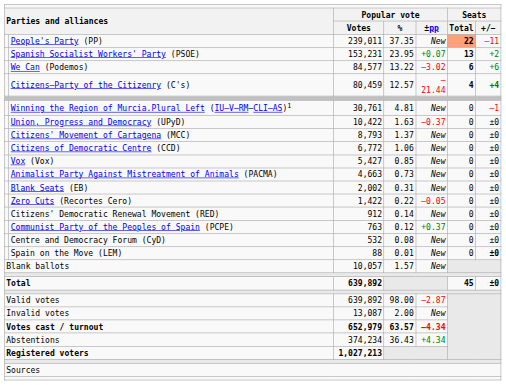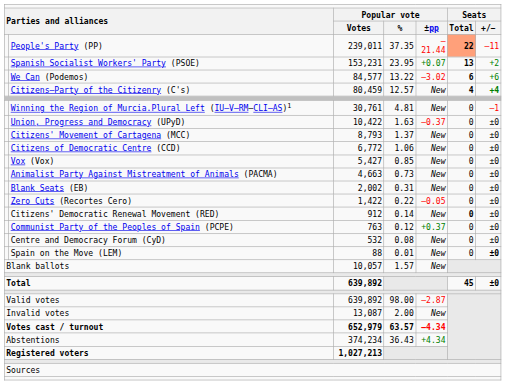 <table class="wikitable" style="text-align:right;">
 <tr>
 <td colspan="7"></td>
 </tr>
 <tr>
 <th style="text-align:left;" rowspan="2" colspan="2" width="525">Parties and alliances</th>
 <th colspan="3">Popular vote</th>
 <th colspan="2">Seats</th>
 </tr>
 <tr>
 <th width="75">Votes</th>
 <th width="45">%</th>
 <th width="45">±<a href='#'>pp</a></th>
 <th width="35">Total</th>
 <th width="35">+/−</th>
 </tr>
 <tr>
 <td width="1" style="color:inherit;background:"></td>
 <td align="left"><a href='#'>People's Party</a> (PP)</td>
 <td>239,011</td>
 <td>37.35</td>
-<td><em>New</em></td>
+<td style="color:red;">–21.44</td>
 <td style="background: lightsalmon;"><strong>22</strong></td>
 <td style="color:red;">–11</td>
 </tr>
 <tr>
 <td style="color:inherit;background:"></td>
 <td align="left"><a href='#'>Spanish Socialist Workers' Party</a> (PSOE)</td>
 <td>153,231</td>
 <td>23.95</td>
 <td style="color:green;">+0.07</td>
 <td><strong>13</strong></td>
 <td style="color:green;">+2</td>
 </tr>
 <tr>
 <td style="color:inherit;background:"></td>
 <td align="left"><a href='#'>We Can</a> (Podemos)</td>
 <td>84,577</td>
 <td>13.22</td>
 <td style="color:red;">–3.02</td>
 <td><strong>6</strong></td>
 <td style="color:green;">+6</td>
 </tr>
 <tr>
 <td style="color:inherit;background:"></td>
 <td align="left"><a href='#'>Citizens–Party of the Citizenry</a> (C's)</td>
 <td>80,459</td>
 <td>12.57</td>
-<td style="color:red;">–21.44</td>
+<td><em>New</em></td>
 <td><strong>4</strong></td>
 <td style="color:green;"><strong>+4</strong></td>
 </tr>
 <tr>
 <td colspan="7" bgcolor="#C0C0C0"></td>
 </tr>
 <tr>
 <td style="color:inherit;background:"></td>
 <td align="left"><a href='#'>Winning the Region of Murcia.Plural Left</a> (<a href='#'>IU–V–RM</a>–<a href='#'>CLI–AS</a>)<sup>1</sup></td>
 <td>30,761</td>
 <td>4.81</td>
 <td><em>New</em></td>
 <td>0</td>
 <td style="color:red;">–1</td>
 </tr>
 <tr>
 <td style="color:inherit;background:"></td>
 <td align="left"><a href='#'>Union, Progress and Democracy</a> (UPyD)</td>
 <td>10,422</td>
 <td>1.63</td>
 <td style="color:red;">–0.37</td>
 <td>0</td>
 <td>±0</td>
 </tr>
 <tr>
 <td style="color:inherit;background:"></td>
 <td align="left"><a href='#'>Citizens' Movement of Cartagena</a> (MCC)</td>
 <td>8,793</td>
 <td>1.37</td>
 <td><em>New</em></td>
 <td>0</td>
 <td>±0</td>
 </tr>
 <tr>
 <td style="color:inherit;background:"></td>
 <td align="left"><a href='#'>Citizens of Democratic Centre</a> (CCD)</td>
 <td>6,772</td>
 <td>1.06</td>
 <td><em>New</em></td>
 <td>0</td>
 <td>±0</td>
 </tr>
 <tr>
 <td style="color:inherit;background:"></td>
 <td align="left"><a href='#'>Vox</a> (Vox)</td>
 <td>5,427</td>
 <td>0.85</td>
 <td><em>New</em></td>
 <td>0</td>
 <td>±0</td>
 </tr>
 <tr>
 <td style="color:inherit;background:"></td>
 <td align="left"><a href='#'>Animalist Party Against Mistreatment of Animals</a> (PACMA)</td>
 <td>4,663</td>
 <td>0.73</td>
 <td><em>New</em></td>
 <td>0</td>
 <td>±0</td>
 </tr>
 <tr>
 <td style="color:inherit;background:"></td>
 <td align="left"><a href='#'>Blank Seats</a> (EB)</td>
 <td>2,002</td>
 <td>0.31</td>
 <td><em>New</em></td>
 <td>0</td>
 <td>±0</td>
 </tr>
 <tr>
 <td style="color:inherit;background:"></td>
 <td align="left"><a href='#'>Zero Cuts</a> (Recortes Cero)</td>
 <td>1,422</td>
 <td>0.22</td>
 <td style="color:red;">–0.05</td>
 <td>0</td>
 <td>±0</td>
 </tr>
 <tr>
 <td style="color:inherit;background:"></td>
 <td align="left">Citizens' Democratic Renewal Movement (RED)</td>
 <td>912</td>
 <td>0.14</td>
 <td><em>New</em></td>
-<td>0</td>
+<td><strong>0</strong></td>
 <td>±0</td>
 </tr>
 <tr>
 <td style="color:inherit;background:"></td>
 <td align="left"><a href='#'>Communist Party of the Peoples of Spain</a> (PCPE)</td>
 <td>763</td>
 <td>0.12</td>
 <td style="color:green;">+0.37</td>
 <td>0</td>
 <td>±0</td>
 </tr>
 <tr>
 <td style="color:inherit;background:"></td>
 <td align="left">Centre and Democracy Forum (CyD)</td>
 <td>532</td>
 <td>0.08</td>
 <td><em>New</em></td>
 <td>0</td>
 <td>±0</td>
 </tr>
 <tr>
 <td style="color:inherit;background:"></td>
 <td align="left">Spain on the Move (LEM)</td>
 <td>88</td>
 <td>0.01</td>
 <td><em>New</em></td>
 <td>0</td>
 <td><strong>±0</strong></td>
 </tr>
 <tr>
 <td align="left" colspan="2">Blank ballots</td>
 <td>10,057</td>
 <td>1.57</td>
 <td><em>New</em></td>
 <td bgcolor="#E9E9E9" colspan="2"></td>
 </tr>
 <tr>
 <td colspan="7" bgcolor="#E9E9E9"></td>
 </tr>
 <tr style="font-weight:bold;">
 <td align="left" colspan="2">Total</td>
 <td>639,892</td>
 <td bgcolor="#E9E9E9" colspan="2"></td>
 <td>45</td>
 <td>±0</td>
 </tr>
 <tr>
 <td colspan="7" bgcolor="#E9E9E9"></td>
 </tr>
 <tr>
 <td align="left" colspan="2">Valid votes</td>
 <td>639,892</td>
 <td>98.00</td>
 <td style="color:red;">–2.87</td>
 <td bgcolor="#E9E9E9" colspan="2" rowspan="5"></td>
 </tr>
 <tr>
 <td align="left" colspan="2">Invalid votes</td>
 <td>13,087</td>
 <td>2.00</td>
 <td><em>New</em></td>
 </tr>
 <tr style="font-weight:bold;">
 <td align="left" colspan="2">Votes cast / turnout</td>
 <td>652,979</td>
 <td>63.57</td>
 <td style="color:red;">–4.34</td>
 </tr>
 <tr>
 <td align="left" colspan="2">Abstentions</td>
 <td>374,234</td>
 <td>36.43</td>
 <td style="color:green;">+4.34</td>
 </tr>
 <tr style="font-weight:bold;">
 <td align="left" colspan="2">Registered voters</td>
 <td>1,027,213</td>
 <td bgcolor="#E9E9E9" colspan="2"></td>
 </tr>
 <tr>
 <td colspan="7" bgcolor="#E9E9E9"></td>
 </tr>
 <tr>
 <td align="left" colspan="7">Sources</td>
 </tr>
 <tr>
 <td colspan="7" style="text-align:left; max-width:790px;"></td>
 </tr>
 </table>
